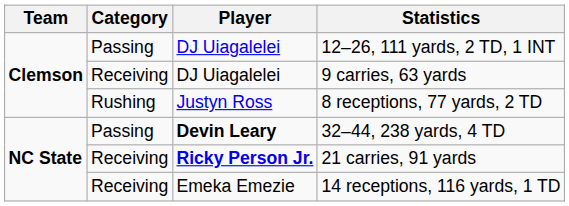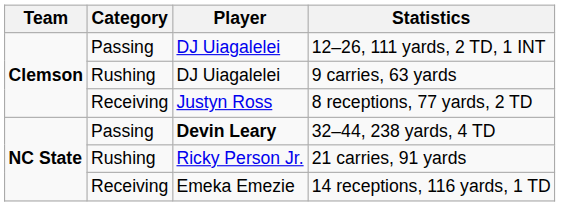 <table class="wikitable" style="float: left;">
 <tr>
 <th>Team</th>
 <th>Category</th>
 <th>Player</th>
 <th>Statistics</th>
 </tr>
 <tr>
 <td rowspan=3><strong>Clemson</strong></td>
 <td>Passing</td>
 <td><a href='#'>DJ Uiagalelei</a></td>
 <td>12–26, 111 yards, 2 TD, 1 INT</td>
 </tr>
 <tr>
-<td>Receiving</td>
+<td>Rushing</td>
 <td>DJ Uiagalelei</td>
 <td>9 carries, 63 yards</td>
 </tr>
 <tr>
-<td>Rushing</td>
+<td>Receiving</td>
 <td><a href='#'>Justyn Ross</a></td>
 <td>8 receptions, 77 yards, 2 TD</td>
 </tr>
 <tr>
 <td rowspan=3><strong>NC State</strong></td>
 <td>Passing</td>
 <td><strong>Devin Leary</strong></td>
 <td>32–44, 238 yards, 4 TD</td>
 </tr>
 <tr>
-<td>Receiving</td>
-<td><strong><a href='#'>Ricky Person Jr.</a></strong></td>
+<td>Rushing</td>
+<td><a href='#'>Ricky Person Jr.</a></td>
 <td>21 carries, 91 yards</td>
 </tr>
 <tr>
 <td>Receiving</td>
 <td>Emeka Emezie</td>
 <td>14 receptions, 116 yards, 1 TD</td>
 </tr>
 </table>
